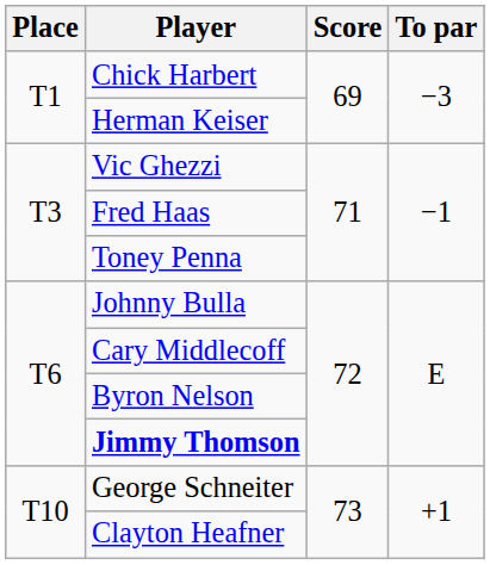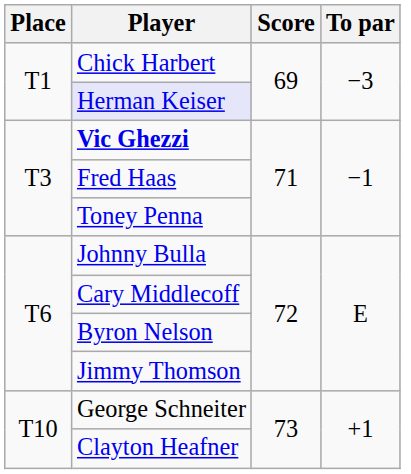 <table class="wikitable">
 <tr>
 <th>Place</th>
 <th>Player</th>
 <th>Score</th>
 <th>To par</th>
 </tr>
 <tr>
 <td rowspan="2" align="center">T1</td>
 <td> <a href='#'>Chick Harbert</a></td>
 <td rowspan="2" align="center">69</td>
 <td rowspan="2" align="center">−3</td>
 </tr>
 <tr>
-<td> <a href='#'>Herman Keiser</a></td>
+<td style="background: lavender;"> <a href='#'>Herman Keiser</a></td>
 </tr>
 <tr>
 <td rowspan="3" align="center">T3</td>
-<td> <a href='#'>Vic Ghezzi</a></td>
+<td><strong> <a href='#'>Vic Ghezzi</a></strong></td>
 <td rowspan="3" align="center">71</td>
 <td rowspan="3" align="center">−1</td>
 </tr>
 <tr>
 <td> <a href='#'>Fred Haas</a></td>
 </tr>
 <tr>
 <td> <a href='#'>Toney Penna</a></td>
 </tr>
 <tr>
 <td rowspan="4" align="center">T6</td>
 <td> <a href='#'>Johnny Bulla</a></td>
 <td rowspan="4" align="center">72</td>
 <td rowspan="4" align="center">E</td>
 </tr>
 <tr>
 <td> <a href='#'>Cary Middlecoff</a></td>
 </tr>
 <tr>
 <td> <a href='#'>Byron Nelson</a></td>
 </tr>
 <tr>
-<td><strong> <a href='#'>Jimmy Thomson</a></strong></td>
+<td> <a href='#'>Jimmy Thomson</a></td>
 </tr>
 <tr>
 <td rowspan="2" align="center">T10</td>
 <td> George Schneiter</td>
 <td rowspan="2" align="center">73</td>
 <td rowspan="2" align="center">+1</td>
 </tr>
 <tr>
 <td> <a href='#'>Clayton Heafner</a></td>
 </tr>
 </table>
